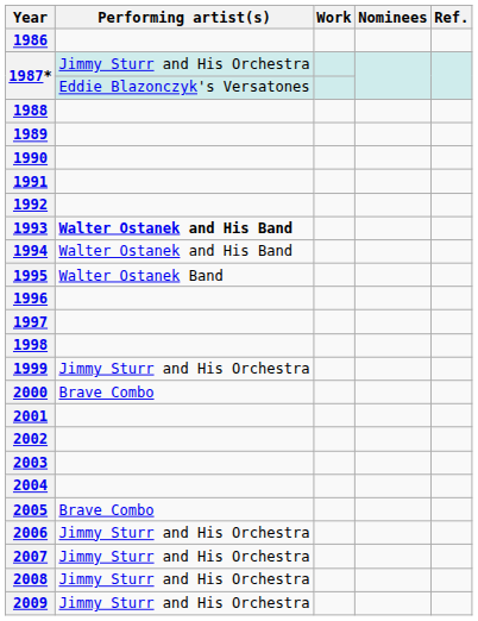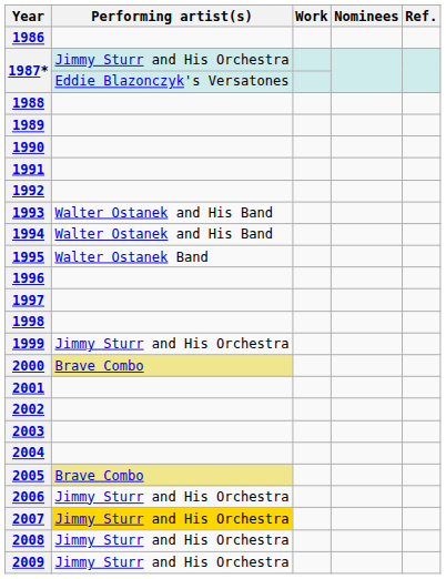 <table class="wikitable plainrowheaders sortable">
 <tr>
 <th scope="col" bgcolor="#efefef">Year</th>
 <th scope="col" bgcolor="#efefef">Performing artist(s)</th>
 <th scope="col" bgcolor="#efefef">Work</th>
 <th scope="col" bgcolor="#efefef" class=unsortable>Nominees</th>
 <th scope="col" bgcolor="#efefef" class=unsortable>Ref.</th>
 </tr>
 <tr>
 <th scope="row" style="text-align:center;"><a href='#'>1986</a></th>
 <td></td>
 <td></td>
 <td></td>
 <td style="text-align:center;"><br></td>
 </tr>
 <tr bgcolor="#CFECEC">
 <th scope="row" style="text-align:center;" rowspan=2><a href='#'>1987</a>*</th>
 <td><a href='#'>Jimmy Sturr</a> and His Orchestra</td>
 <td></td>
 <td rowspan=2></td>
 <td style="text-align:center;" rowspan=2></td>
 </tr>
 <tr bgcolor="#CFECEC">
 <td><a href='#'>Eddie Blazonczyk</a>'s Versatones</td>
 <td></td>
 </tr>
 <tr>
 <th scope="row" style="text-align:center;"><a href='#'>1988</a></th>
 <td></td>
 <td></td>
 <td></td>
 <td style="text-align:center;"></td>
 </tr>
 <tr>
 <th scope="row" style="text-align:center;"><a href='#'>1989</a></th>
 <td></td>
 <td></td>
 <td></td>
 <td style="text-align:center;"></td>
 </tr>
 <tr>
 <th scope="row" style="text-align:center;"><a href='#'>1990</a></th>
 <td></td>
 <td></td>
 <td></td>
 <td style="text-align:center;"></td>
 </tr>
 <tr>
 <th scope="row" style="text-align:center;"><a href='#'>1991</a></th>
 <td></td>
 <td></td>
 <td></td>
 <td style="text-align:center;"></td>
 </tr>
 <tr>
 <th scope="row" style="text-align:center;"><a href='#'>1992</a></th>
 <td></td>
 <td></td>
 <td></td>
 <td style="text-align:center;"></td>
 </tr>
 <tr>
 <th scope="row" style="text-align:center;"><a href='#'>1993</a></th>
-<td><strong><a href='#'>Walter Ostanek</a> and His Band</strong></td>
+<td><a href='#'>Walter Ostanek</a> and His Band</td>
 <td></td>
 <td></td>
 <td style="text-align:center;"></td>
 </tr>
 <tr>
 <th scope="row" style="text-align:center;"><a href='#'>1994</a></th>
 <td><a href='#'>Walter Ostanek</a> and His Band</td>
 <td></td>
 <td></td>
 <td style="text-align:center;"></td>
 </tr>
 <tr>
 <th scope="row" style="text-align:center;"><a href='#'>1995</a></th>
 <td><a href='#'>Walter Ostanek</a> Band</td>
 <td></td>
 <td></td>
 <td style="text-align:center;"></td>
 </tr>
 <tr>
 <th scope="row" style="text-align:center;"><a href='#'>1996</a></th>
 <td></td>
 <td></td>
 <td></td>
 <td style="text-align:center;"></td>
 </tr>
 <tr>
 <th scope="row" style="text-align:center;"><a href='#'>1997</a></th>
 <td></td>
 <td></td>
 <td></td>
 <td style="text-align:center;"></td>
 </tr>
 <tr>
 <th scope="row" style="text-align:center;"><a href='#'>1998</a></th>
 <td></td>
 <td></td>
 <td></td>
 <td style="text-align:center;"></td>
 </tr>
 <tr>
 <th scope="row" style="text-align:center;"><a href='#'>1999</a></th>
 <td><a href='#'>Jimmy Sturr</a> and His Orchestra</td>
 <td></td>
 <td></td>
 <td style="text-align:center;"></td>
 </tr>
 <tr>
 <th scope="row" style="text-align:center;"><a href='#'>2000</a></th>
-<td><a href='#'>Brave Combo</a></td>
+<td style="background: khaki;"><a href='#'>Brave Combo</a></td>
 <td></td>
 <td></td>
 <td style="text-align:center;"></td>
 </tr>
 <tr>
 <th scope="row" style="text-align:center;"><a href='#'>2001</a></th>
 <td></td>
 <td></td>
 <td></td>
 <td style="text-align:center;"></td>
 </tr>
 <tr>
 <th scope="row" style="text-align:center;"><a href='#'>2002</a></th>
 <td></td>
 <td></td>
 <td></td>
 <td style="text-align:center;"></td>
 </tr>
 <tr>
 <th scope="row" style="text-align:center;"><a href='#'>2003</a></th>
 <td></td>
 <td></td>
 <td></td>
 <td style="text-align:center;"></td>
 </tr>
 <tr>
 <th scope="row" style="text-align:center;"><a href='#'>2004</a></th>
 <td></td>
 <td></td>
 <td></td>
 <td style="text-align:center;"></td>
 </tr>
 <tr>
 <th scope="row" style="text-align:center;"><a href='#'>2005</a></th>
-<td><a href='#'>Brave Combo</a></td>
+<td style="background: khaki;"><a href='#'>Brave Combo</a></td>
 <td></td>
 <td></td>
 <td style="text-align:center;"></td>
 </tr>
 <tr>
 <th scope="row" style="text-align:center;"><a href='#'>2006</a></th>
 <td><a href='#'>Jimmy Sturr</a> and His Orchestra</td>
 <td></td>
 <td></td>
 <td style="text-align:center;"></td>
 </tr>
 <tr>
 <th scope="row" style="text-align:center;"><a href='#'>2007</a></th>
-<td><a href='#'>Jimmy Sturr</a> and His Orchestra</td>
+<td style="background: gold;"><a href='#'>Jimmy Sturr</a> and His Orchestra</td>
 <td></td>
 <td></td>
 <td style="text-align:center;"></td>
 </tr>
 <tr>
 <th scope="row" style="text-align:center;"><a href='#'>2008</a></th>
 <td><a href='#'>Jimmy Sturr</a> and His Orchestra</td>
 <td></td>
 <td></td>
 <td style="text-align:center;"></td>
 </tr>
 <tr>
 <th scope="row" style="text-align:center;"><a href='#'>2009</a></th>
 <td><a href='#'>Jimmy Sturr</a> and His Orchestra</td>
 <td></td>
 <td></td>
 <td style="text-align:center;"></td>
 </tr>
 </table>
